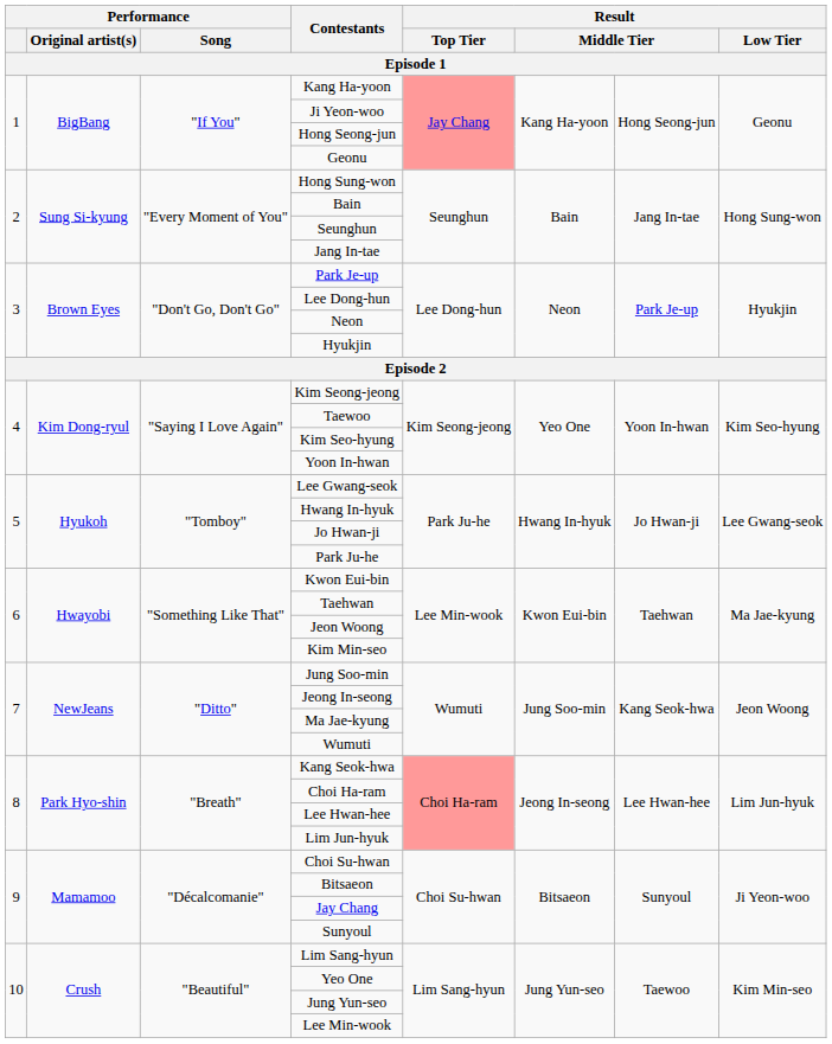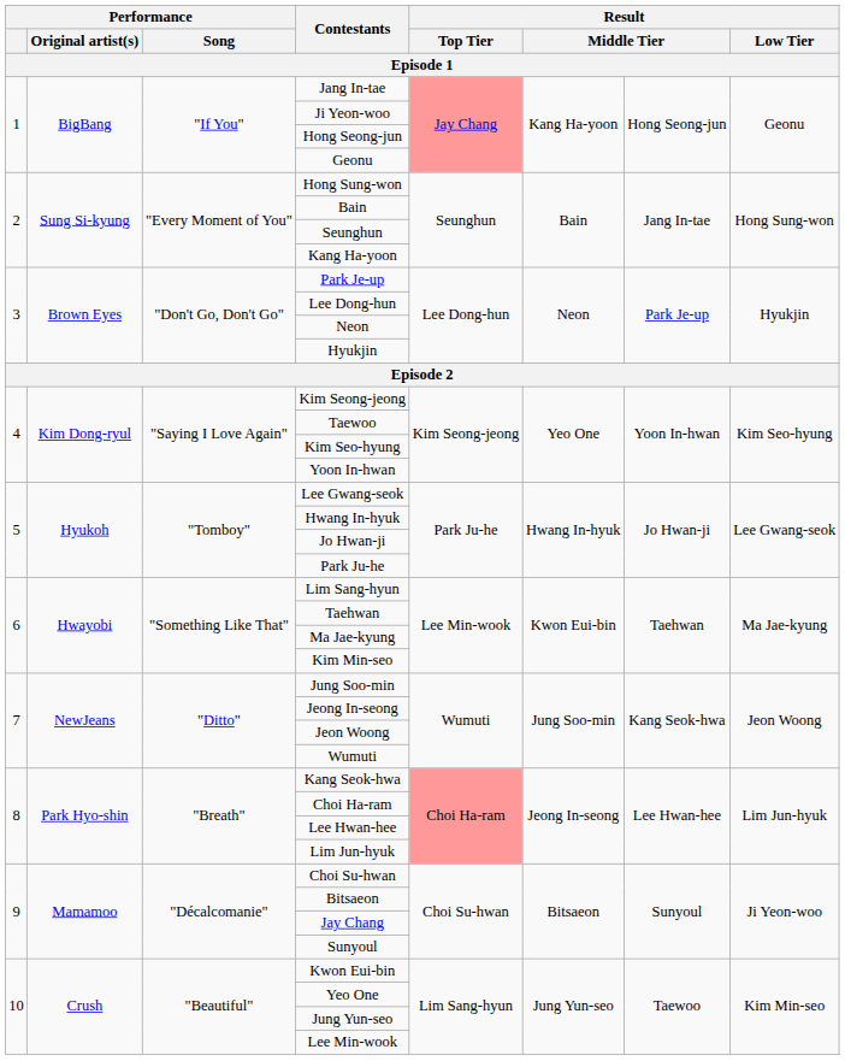 <table class="wikitable" style="text-align:center">
 <tr>
 <th colspan="3">Performance</th>
 <th rowspan="2">Contestants </th>
 <th colspan="4">Result</th>
 </tr>
 <tr>
 <th></th>
 <th>Original artist(s)</th>
 <th>Song</th>
 <th>Top Tier</th>
 <th colspan="2">Middle Tier</th>
 <th>Low Tier</th>
 </tr>
 <tr>
 <th colspan="8">Episode 1</th>
 </tr>
 <tr>
 <td rowspan="4">1</td>
 <td rowspan="4"><a href='#'>BigBang</a></td>
 <td rowspan="4">"<a href='#'>If You</a>"</td>
-<td>Kang Ha-yoon</td>
+<td>Jang In-tae</td>
 <td rowspan="4" style="background:#FF9999"><a href='#'>Jay Chang</a><br></td>
 <td rowspan="4">Kang Ha-yoon</td>
 <td rowspan="4">Hong Seong-jun</td>
 <td rowspan="4">Geonu</td>
 </tr>
 <tr>
 <td>Ji Yeon-woo</td>
 </tr>
 <tr>
 <td>Hong Seong-jun</td>
 </tr>
 <tr>
 <td>Geonu</td>
 </tr>
 <tr>
 <td rowspan="4">2</td>
 <td rowspan="4"><a href='#'>Sung Si-kyung</a></td>
 <td rowspan="4">"Every Moment of You"<br></td>
 <td>Hong Sung-won</td>
 <td rowspan="4">Seunghun<br></td>
 <td rowspan="4">Bain</td>
 <td rowspan="4">Jang In-tae</td>
 <td rowspan="4">Hong Sung-won</td>
 </tr>
 <tr>
 <td>Bain</td>
 </tr>
 <tr>
 <td>Seunghun</td>
 </tr>
 <tr>
-<td>Jang In-tae</td>
+<td>Kang Ha-yoon</td>
 </tr>
 <tr>
 <td rowspan="4">3</td>
 <td rowspan="4"><a href='#'>Brown Eyes</a></td>
 <td rowspan="4">"Don't Go, Don't Go"<br></td>
 <td><a href='#'>Park Je-up</a></td>
 <td rowspan="4">Lee Dong-hun<br></td>
 <td rowspan="4">Neon</td>
 <td rowspan="4"><a href='#'>Park Je-up</a></td>
 <td rowspan="4">Hyukjin</td>
 </tr>
 <tr>
 <td>Lee Dong-hun</td>
 </tr>
 <tr>
 <td>Neon</td>
 </tr>
 <tr>
 <td>Hyukjin</td>
 </tr>
 <tr>
 <th colspan="8">Episode 2</th>
 </tr>
 <tr>
 <td rowspan="4">4</td>
 <td rowspan="4"><a href='#'>Kim Dong-ryul</a></td>
 <td rowspan="4">"Saying I Love Again"<br></td>
 <td>Kim Seong-jeong</td>
 <td rowspan="4">Kim Seong-jeong<br></td>
 <td rowspan="4">Yeo One</td>
 <td rowspan="4">Yoon In-hwan</td>
 <td rowspan="4">Kim Seo-hyung</td>
 </tr>
 <tr>
 <td>Taewoo</td>
 </tr>
 <tr>
 <td>Kim Seo-hyung</td>
 </tr>
 <tr>
 <td>Yoon In-hwan</td>
 </tr>
 <tr>
 <td rowspan="4">5</td>
 <td rowspan="4"><a href='#'>Hyukoh</a></td>
 <td rowspan="4">"Tomboy"</td>
 <td>Lee Gwang-seok</td>
 <td rowspan="4">Park Ju-he<br></td>
 <td rowspan="4">Hwang In-hyuk</td>
 <td rowspan="4">Jo Hwan-ji</td>
 <td rowspan="4">Lee Gwang-seok</td>
 </tr>
 <tr>
 <td>Hwang In-hyuk</td>
 </tr>
 <tr>
 <td>Jo Hwan-ji</td>
 </tr>
 <tr>
 <td>Park Ju-he</td>
 </tr>
 <tr>
 <td rowspan="4">6</td>
 <td rowspan="4"><a href='#'>Hwayobi</a></td>
 <td rowspan="4">"Something Like That"<br></td>
-<td>Kwon Eui-bin</td>
+<td>Lim Sang-hyun</td>
 <td rowspan="4">Lee Min-wook<br></td>
 <td rowspan="4">Kwon Eui-bin</td>
 <td rowspan="4">Taehwan</td>
 <td rowspan="4">Ma Jae-kyung</td>
 </tr>
 <tr>
 <td>Taehwan</td>
 </tr>
 <tr>
-<td>Jeon Woong</td>
+<td>Ma Jae-kyung</td>
 </tr>
 <tr>
 <td>Kim Min-seo</td>
 </tr>
 <tr>
 <td rowspan="4">7</td>
 <td rowspan="4"><a href='#'>NewJeans</a></td>
 <td rowspan="4">"<a href='#'>Ditto</a>"</td>
 <td>Jung Soo-min</td>
 <td rowspan="4">Wumuti<br></td>
 <td rowspan="4">Jung Soo-min</td>
 <td rowspan="4">Kang Seok-hwa</td>
 <td rowspan="4">Jeon Woong</td>
 </tr>
 <tr>
 <td>Jeong In-seong</td>
 </tr>
 <tr>
-<td>Ma Jae-kyung</td>
+<td>Jeon Woong</td>
 </tr>
 <tr>
 <td>Wumuti</td>
 </tr>
 <tr>
 <td rowspan="4">8</td>
 <td rowspan="4"><a href='#'>Park Hyo-shin</a></td>
 <td rowspan="4">"Breath"<br></td>
 <td>Kang Seok-hwa</td>
 <td rowspan="4" style="background:#FF9999">Choi Ha-ram<br></td>
 <td rowspan="4">Jeong In-seong</td>
 <td rowspan="4">Lee Hwan-hee</td>
 <td rowspan="4">Lim Jun-hyuk</td>
 </tr>
 <tr>
 <td>Choi Ha-ram</td>
 </tr>
 <tr>
 <td>Lee Hwan-hee</td>
 </tr>
 <tr>
 <td>Lim Jun-hyuk</td>
 </tr>
 <tr>
 <td rowspan="4">9</td>
 <td rowspan="4"><a href='#'>Mamamoo</a></td>
 <td rowspan="4">"Décalcomanie"<br></td>
 <td>Choi Su-hwan</td>
 <td rowspan="4">Choi Su-hwan<br></td>
 <td rowspan="4">Bitsaeon</td>
 <td rowspan="4">Sunyoul</td>
 <td rowspan="4">Ji Yeon-woo</td>
 </tr>
 <tr>
 <td>Bitsaeon</td>
 </tr>
 <tr>
 <td><a href='#'>Jay Chang</a></td>
 </tr>
 <tr>
 <td>Sunyoul</td>
 </tr>
 <tr>
 <td rowspan="4">10</td>
 <td rowspan="4"><a href='#'>Crush</a></td>
 <td rowspan="4">"Beautiful"</td>
-<td>Lim Sang-hyun</td>
+<td>Kwon Eui-bin</td>
 <td rowspan="4">Lim Sang-hyun<br></td>
 <td rowspan="4">Jung Yun-seo</td>
 <td rowspan="4">Taewoo</td>
 <td rowspan="4">Kim Min-seo</td>
 </tr>
 <tr>
 <td>Yeo One</td>
 </tr>
 <tr>
 <td>Jung Yun-seo</td>
 </tr>
 <tr>
 <td>Lee Min-wook</td>
 </tr>
 </table>
